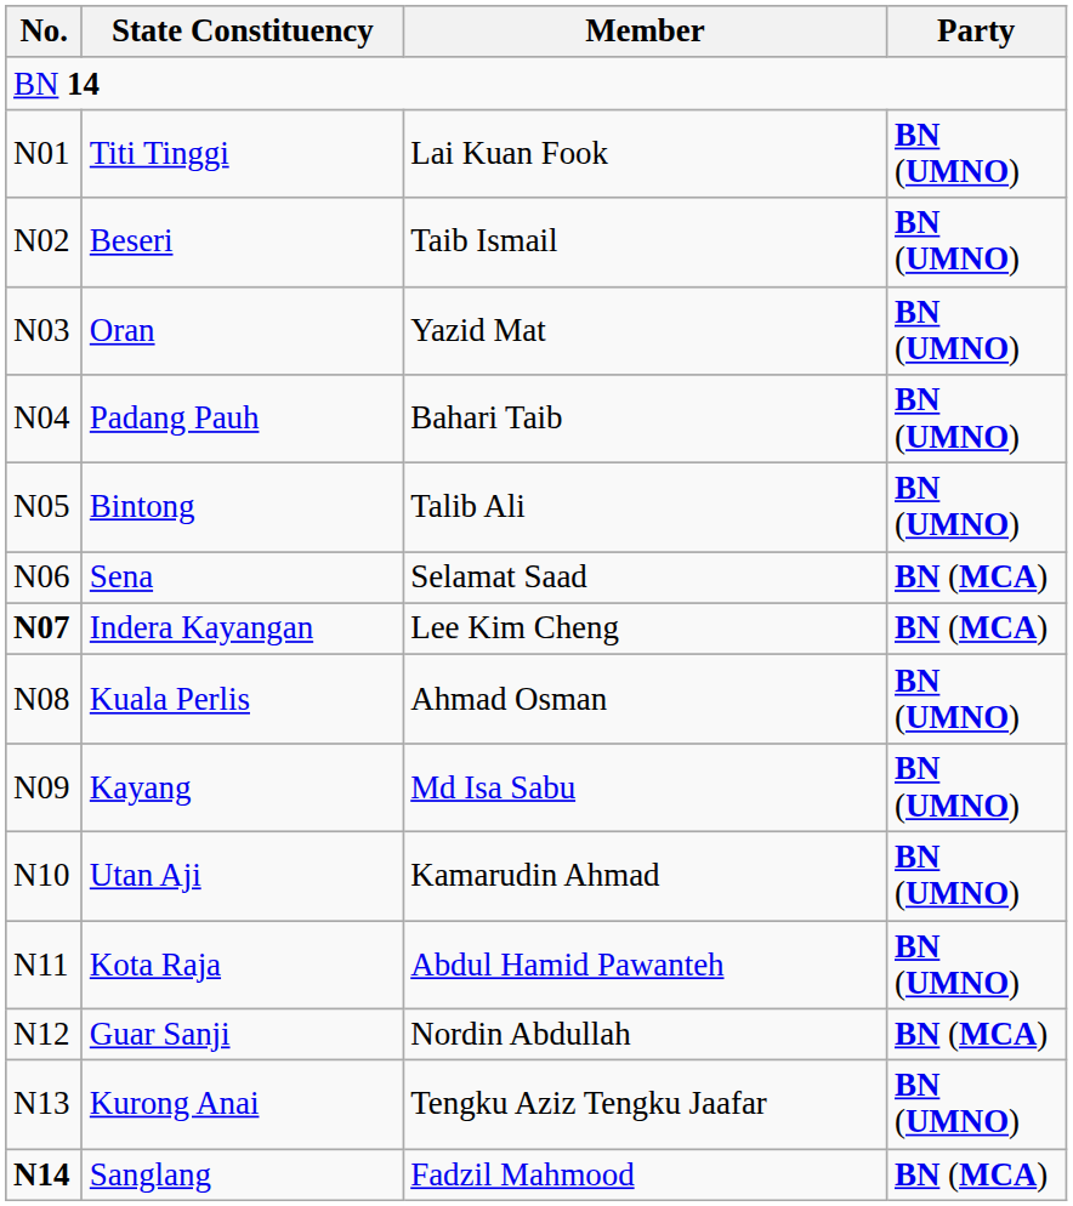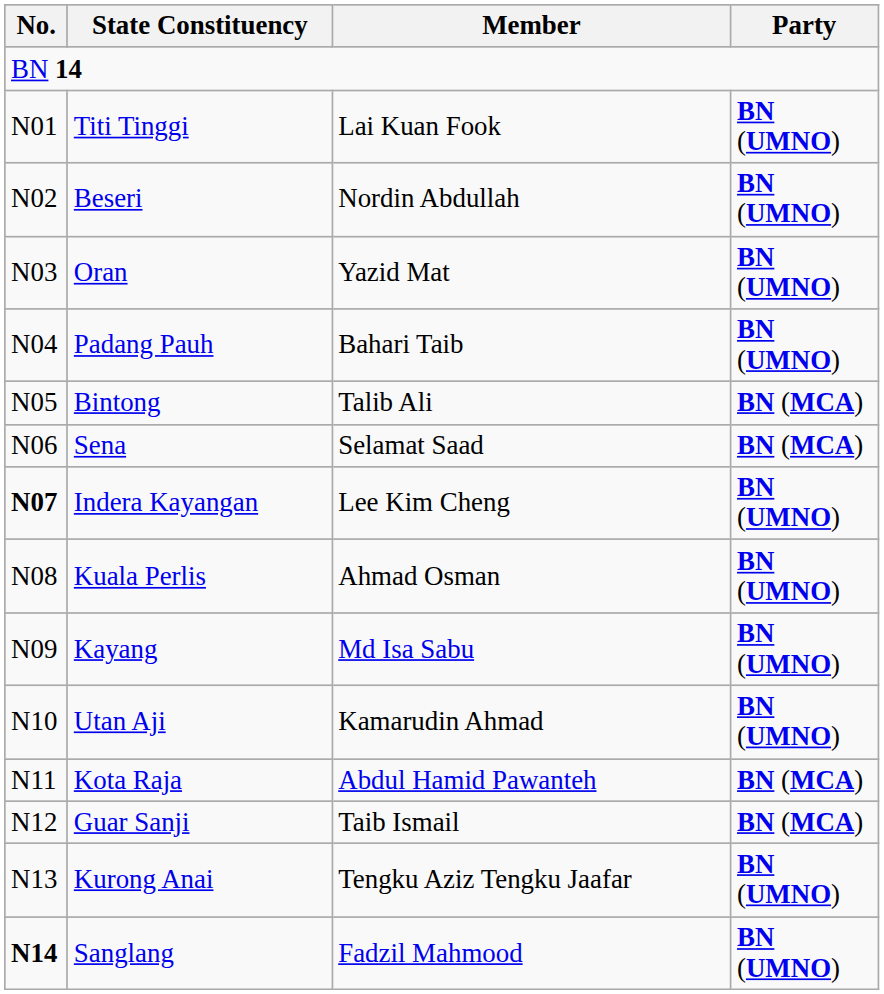 <table class="wikitable sortable">
 <tr>
 <th style="width:30px;">No.</th>
 <th style="width:150px;">State Constituency</th>
 <th style="width:230px;">Member</th>
 <th style="width:80px;">Party</th>
 </tr>
 <tr>
 <td colspan="4"><a href='#'>BN</a> <strong>14</strong></td>
 </tr>
 <tr>
 <td>N01</td>
 <td><a href='#'>Titi Tinggi</a></td>
 <td>Lai Kuan Fook</td>
 <td><strong><a href='#'>BN</a></strong> (<strong><a href='#'>UMNO</a></strong>)</td>
 </tr>
 <tr>
 <td>N02</td>
 <td><a href='#'>Beseri</a></td>
-<td>Taib Ismail</td>
+<td>Nordin Abdullah</td>
 <td><strong><a href='#'>BN</a></strong> (<strong><a href='#'>UMNO</a></strong>)</td>
 </tr>
 <tr>
 <td>N03</td>
 <td><a href='#'>Oran</a></td>
 <td>Yazid Mat</td>
 <td><strong><a href='#'>BN</a></strong> (<strong><a href='#'>UMNO</a></strong>)</td>
 </tr>
 <tr>
 <td>N04</td>
 <td><a href='#'>Padang Pauh</a></td>
 <td>Bahari Taib</td>
 <td><strong><a href='#'>BN</a></strong> (<strong><a href='#'>UMNO</a></strong>)</td>
 </tr>
 <tr>
 <td>N05</td>
 <td><a href='#'>Bintong</a></td>
 <td>Talib Ali</td>
-<td><strong><a href='#'>BN</a></strong> (<strong><a href='#'>UMNO</a></strong>)</td>
+<td><strong><a href='#'>BN</a></strong> (<strong><a href='#'>MCA</a></strong>)</td>
 </tr>
 <tr>
 <td>N06</td>
 <td><a href='#'>Sena</a></td>
 <td>Selamat Saad</td>
 <td><strong><a href='#'>BN</a></strong> (<strong><a href='#'>MCA</a></strong>)</td>
 </tr>
 <tr>
 <td><strong>N07</strong></td>
 <td><a href='#'>Indera Kayangan</a></td>
 <td>Lee Kim Cheng</td>
-<td><strong><a href='#'>BN</a></strong> (<strong><a href='#'>MCA</a></strong>)</td>
+<td><strong><a href='#'>BN</a></strong> (<strong><a href='#'>UMNO</a></strong>)</td>
 </tr>
 <tr>
 <td>N08</td>
 <td><a href='#'>Kuala Perlis</a></td>
 <td>Ahmad Osman</td>
 <td><strong><a href='#'>BN</a></strong> (<strong><a href='#'>UMNO</a></strong>)</td>
 </tr>
 <tr>
 <td>N09</td>
 <td><a href='#'>Kayang</a></td>
 <td><a href='#'>Md Isa Sabu</a></td>
 <td><strong><a href='#'>BN</a></strong> (<strong><a href='#'>UMNO</a></strong>)</td>
 </tr>
 <tr>
 <td>N10</td>
 <td><a href='#'>Utan Aji</a></td>
 <td>Kamarudin Ahmad</td>
 <td><strong><a href='#'>BN</a></strong> (<strong><a href='#'>UMNO</a></strong>)</td>
 </tr>
 <tr>
 <td>N11</td>
 <td><a href='#'>Kota Raja</a></td>
 <td><a href='#'>Abdul Hamid Pawanteh</a></td>
-<td><strong><a href='#'>BN</a></strong> (<strong><a href='#'>UMNO</a></strong>)</td>
+<td><strong><a href='#'>BN</a></strong> (<strong><a href='#'>MCA</a></strong>)</td>
 </tr>
 <tr>
 <td>N12</td>
 <td><a href='#'>Guar Sanji</a></td>
-<td>Nordin Abdullah</td>
+<td>Taib Ismail</td>
 <td><strong><a href='#'>BN</a></strong> (<strong><a href='#'>MCA</a></strong>)</td>
 </tr>
 <tr>
 <td>N13</td>
 <td><a href='#'>Kurong Anai</a></td>
 <td>Tengku Aziz Tengku Jaafar</td>
 <td><strong><a href='#'>BN</a></strong> (<strong><a href='#'>UMNO</a></strong>)</td>
 </tr>
 <tr>
 <td><strong>N14</strong></td>
 <td><a href='#'>Sanglang</a></td>
 <td><a href='#'>Fadzil Mahmood</a></td>
-<td><strong><a href='#'>BN</a></strong> (<strong><a href='#'>MCA</a></strong>)</td>
+<td><strong><a href='#'>BN</a></strong> (<strong><a href='#'>UMNO</a></strong>)</td>
 </tr>
 </table>
